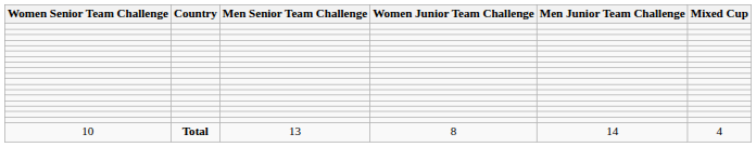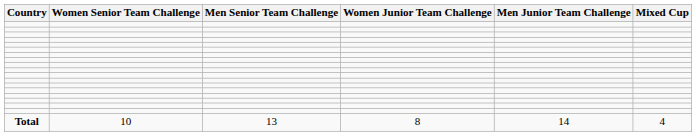 <table class="wikitable">
 <tr>
+<th>Country</th>
 <th>Women Senior Team Challenge</th>
-<th>Country</th>
 <th>Men Senior Team Challenge</th>
 <th>Women Junior Team Challenge</th>
 <th>Men Junior Team Challenge</th>
 <th>Mixed Cup</th>
 </tr>
 <tr>
 <td></td>
 <td></td>
 <td></td>
 <td></td>
 <td></td>
 <td></td>
 </tr>
 <tr>
 <td></td>
 <td></td>
 <td></td>
 <td></td>
 <td></td>
 <td></td>
 </tr>
 <tr>
 <td></td>
 <td></td>
 <td></td>
 <td></td>
 <td></td>
 <td></td>
 </tr>
 <tr>
 <td></td>
 <td></td>
 <td></td>
 <td></td>
 <td></td>
 <td></td>
 </tr>
 <tr>
 <td></td>
 <td></td>
 <td></td>
 <td></td>
 <td></td>
 <td></td>
 </tr>
 <tr>
 <td></td>
 <td></td>
 <td></td>
 <td></td>
 <td></td>
 <td></td>
 </tr>
 <tr>
 <td></td>
 <td></td>
 <td></td>
 <td></td>
 <td></td>
 <td></td>
 </tr>
 <tr>
 <td></td>
 <td></td>
 <td></td>
 <td></td>
 <td></td>
 <td></td>
 </tr>
 <tr>
 <td></td>
 <td></td>
 <td></td>
 <td></td>
 <td></td>
 <td></td>
 </tr>
 <tr>
 <td></td>
 <td></td>
 <td></td>
 <td></td>
 <td></td>
 <td></td>
 </tr>
 <tr>
 <td></td>
 <td></td>
 <td></td>
 <td></td>
 <td></td>
 <td></td>
 </tr>
 <tr>
 <td></td>
 <td></td>
 <td></td>
 <td></td>
 <td></td>
 <td></td>
 </tr>
 <tr>
 <td></td>
 <td></td>
 <td></td>
 <td></td>
 <td></td>
 <td></td>
 </tr>
 <tr>
 <td></td>
 <td></td>
 <td></td>
 <td></td>
 <td></td>
 <td></td>
 </tr>
 <tr>
 <td></td>
 <td></td>
 <td></td>
 <td></td>
 <td></td>
 <td></td>
 </tr>
 <tr>
 <td></td>
 <td></td>
 <td></td>
 <td></td>
 <td></td>
 <td></td>
 </tr>
 <tr>
 <td></td>
 <td></td>
 <td></td>
 <td></td>
 <td></td>
 <td></td>
 </tr>
 <tr>
 <td></td>
 <td></td>
 <td></td>
 <td></td>
 <td></td>
 <td></td>
 </tr>
 <tr style="text-align: center;">
+<td><strong>Total</strong></td>
 <td>10</td>
-<td><strong>Total</strong></td>
 <td>13</td>
 <td>8</td>
 <td>14</td>
 <td>4</td>
 </tr>
 </table>
